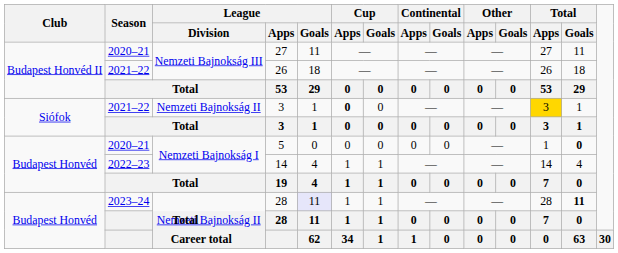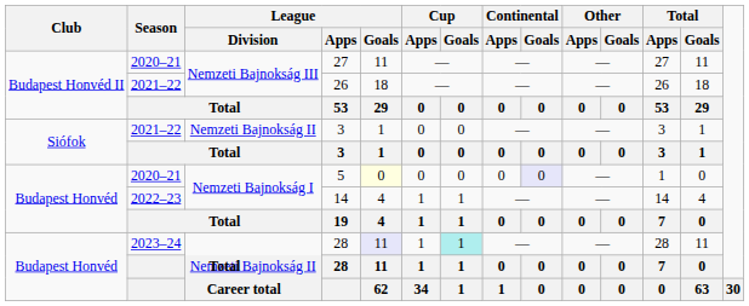 <table class="wikitable" style="text-align:center">
 <tr>
 <th rowspan="2">Club</th>
 <th rowspan="2">Season</th>
 <th colspan="3">League</th>
 <th colspan="2">Cup</th>
 <th colspan="2">Continental</th>
 <th colspan="2">Other</th>
 <th colspan="2">Total</th>
 </tr>
 <tr>
 <th>Division</th>
 <th>Apps</th>
 <th>Goals</th>
 <th>Apps</th>
 <th>Goals</th>
 <th>Apps</th>
 <th>Goals</th>
 <th>Apps</th>
 <th>Goals</th>
 <th>Apps</th>
 <th>Goals</th>
 </tr>
 <tr>
 <td rowspan="3"><a href='#'>Budapest Honvéd II</a></td>
 <td><a href='#'>2020–21</a></td>
 <td rowspan="2"><a href='#'>Nemzeti Bajnokság III</a></td>
 <td>27</td>
 <td>11</td>
 <td colspan="2">—</td>
 <td colspan="2">—</td>
 <td colspan="2">—</td>
 <td>27</td>
 <td>11</td>
 </tr>
 <tr>
 <td><a href='#'>2021–22</a></td>
 <td>26</td>
 <td>18</td>
 <td colspan="2">—</td>
 <td colspan="2">—</td>
 <td colspan="2">—</td>
 <td>26</td>
 <td>18</td>
 </tr>
 <tr>
 <th colspan="2">Total</th>
 <th>53</th>
 <th>29</th>
 <th>0</th>
 <th>0</th>
 <th>0</th>
 <th>0</th>
 <th>0</th>
 <th>0</th>
 <th>53</th>
 <th>29</th>
 </tr>
 <tr>
 <td rowspan="2"><a href='#'>Siófok</a></td>
 <td><a href='#'>2021–22</a></td>
 <td><a href='#'>Nemzeti Bajnokság II</a></td>
 <td>3</td>
 <td>1</td>
-<td><strong>0</strong></td>
+<td>0</td>
 <td>0</td>
 <td colspan="2">—</td>
 <td colspan="2">—</td>
-<td style="background: gold;">3</td>
+<td>3</td>
 <td>1</td>
 </tr>
 <tr>
 <th colspan="2">Total</th>
 <th>3</th>
 <th>1</th>
 <th>0</th>
 <th>0</th>
 <th>0</th>
 <th>0</th>
 <th>0</th>
 <th>0</th>
 <th>3</th>
 <th>1</th>
 </tr>
 <tr>
 <td rowspan="3"><a href='#'>Budapest Honvéd</a></td>
 <td><a href='#'>2020–21</a></td>
 <td rowspan="2"><a href='#'>Nemzeti Bajnokság I</a></td>
 <td>5</td>
+<td style="background: lightyellow;">0</td>
 <td>0</td>
 <td>0</td>
 <td>0</td>
-<td>0</td>
-<td>0</td>
+<td style="background: lavender;">0</td>
 <td colspan="2">—</td>
 <td>1</td>
-<td><strong>0</strong></td>
+<td>0</td>
 </tr>
 <tr>
 <td><a href='#'>2022–23</a></td>
 <td>14</td>
 <td>4</td>
 <td>1</td>
 <td>1</td>
 <td colspan="2">—</td>
 <td colspan="2">—</td>
 <td>14</td>
 <td>4</td>
 </tr>
 <tr>
 <th colspan="2">Total</th>
 <th>19</th>
 <th>4</th>
 <th>1</th>
 <th>1</th>
 <th>0</th>
 <th>0</th>
 <th>0</th>
 <th>0</th>
 <th>7</th>
 <th>0</th>
 </tr>
 <tr>
 <td rowspan="4"><a href='#'>Budapest Honvéd</a></td>
 <td><a href='#'>2023–24</a></td>
 <td rowspan="3"><a href='#'>Nemzeti Bajnokság II</a></td>
 <td>28</td>
 <td style="background: lavender;">11</td>
 <td>1</td>
-<td>1</td>
+<td style="background: paleturquoise;">1</td>
 <td colspan="2">—</td>
 <td colspan="2">—</td>
 <td>28</td>
-<td><strong>11</strong></td>
+<td>11</td>
 </tr>
 <tr>
 <th colspan="2">Total</th>
 <th>28</th>
 <th>11</th>
 <th>1</th>
 <th>1</th>
 <th>0</th>
 <th>0</th>
 <th>0</th>
 <th>0</th>
 <th>7</th>
 <th>0</th>
 </tr>
 <tr>
 <th colspan="3">Career total</th>
 <th>62</th>
 <th>34</th>
 <th>1</th>
 <th>1</th>
 <th>0</th>
 <th>0</th>
 <th>0</th>
 <th>0</th>
 <th>63</th>
 <th>30</th>
 </tr>
 </table>
